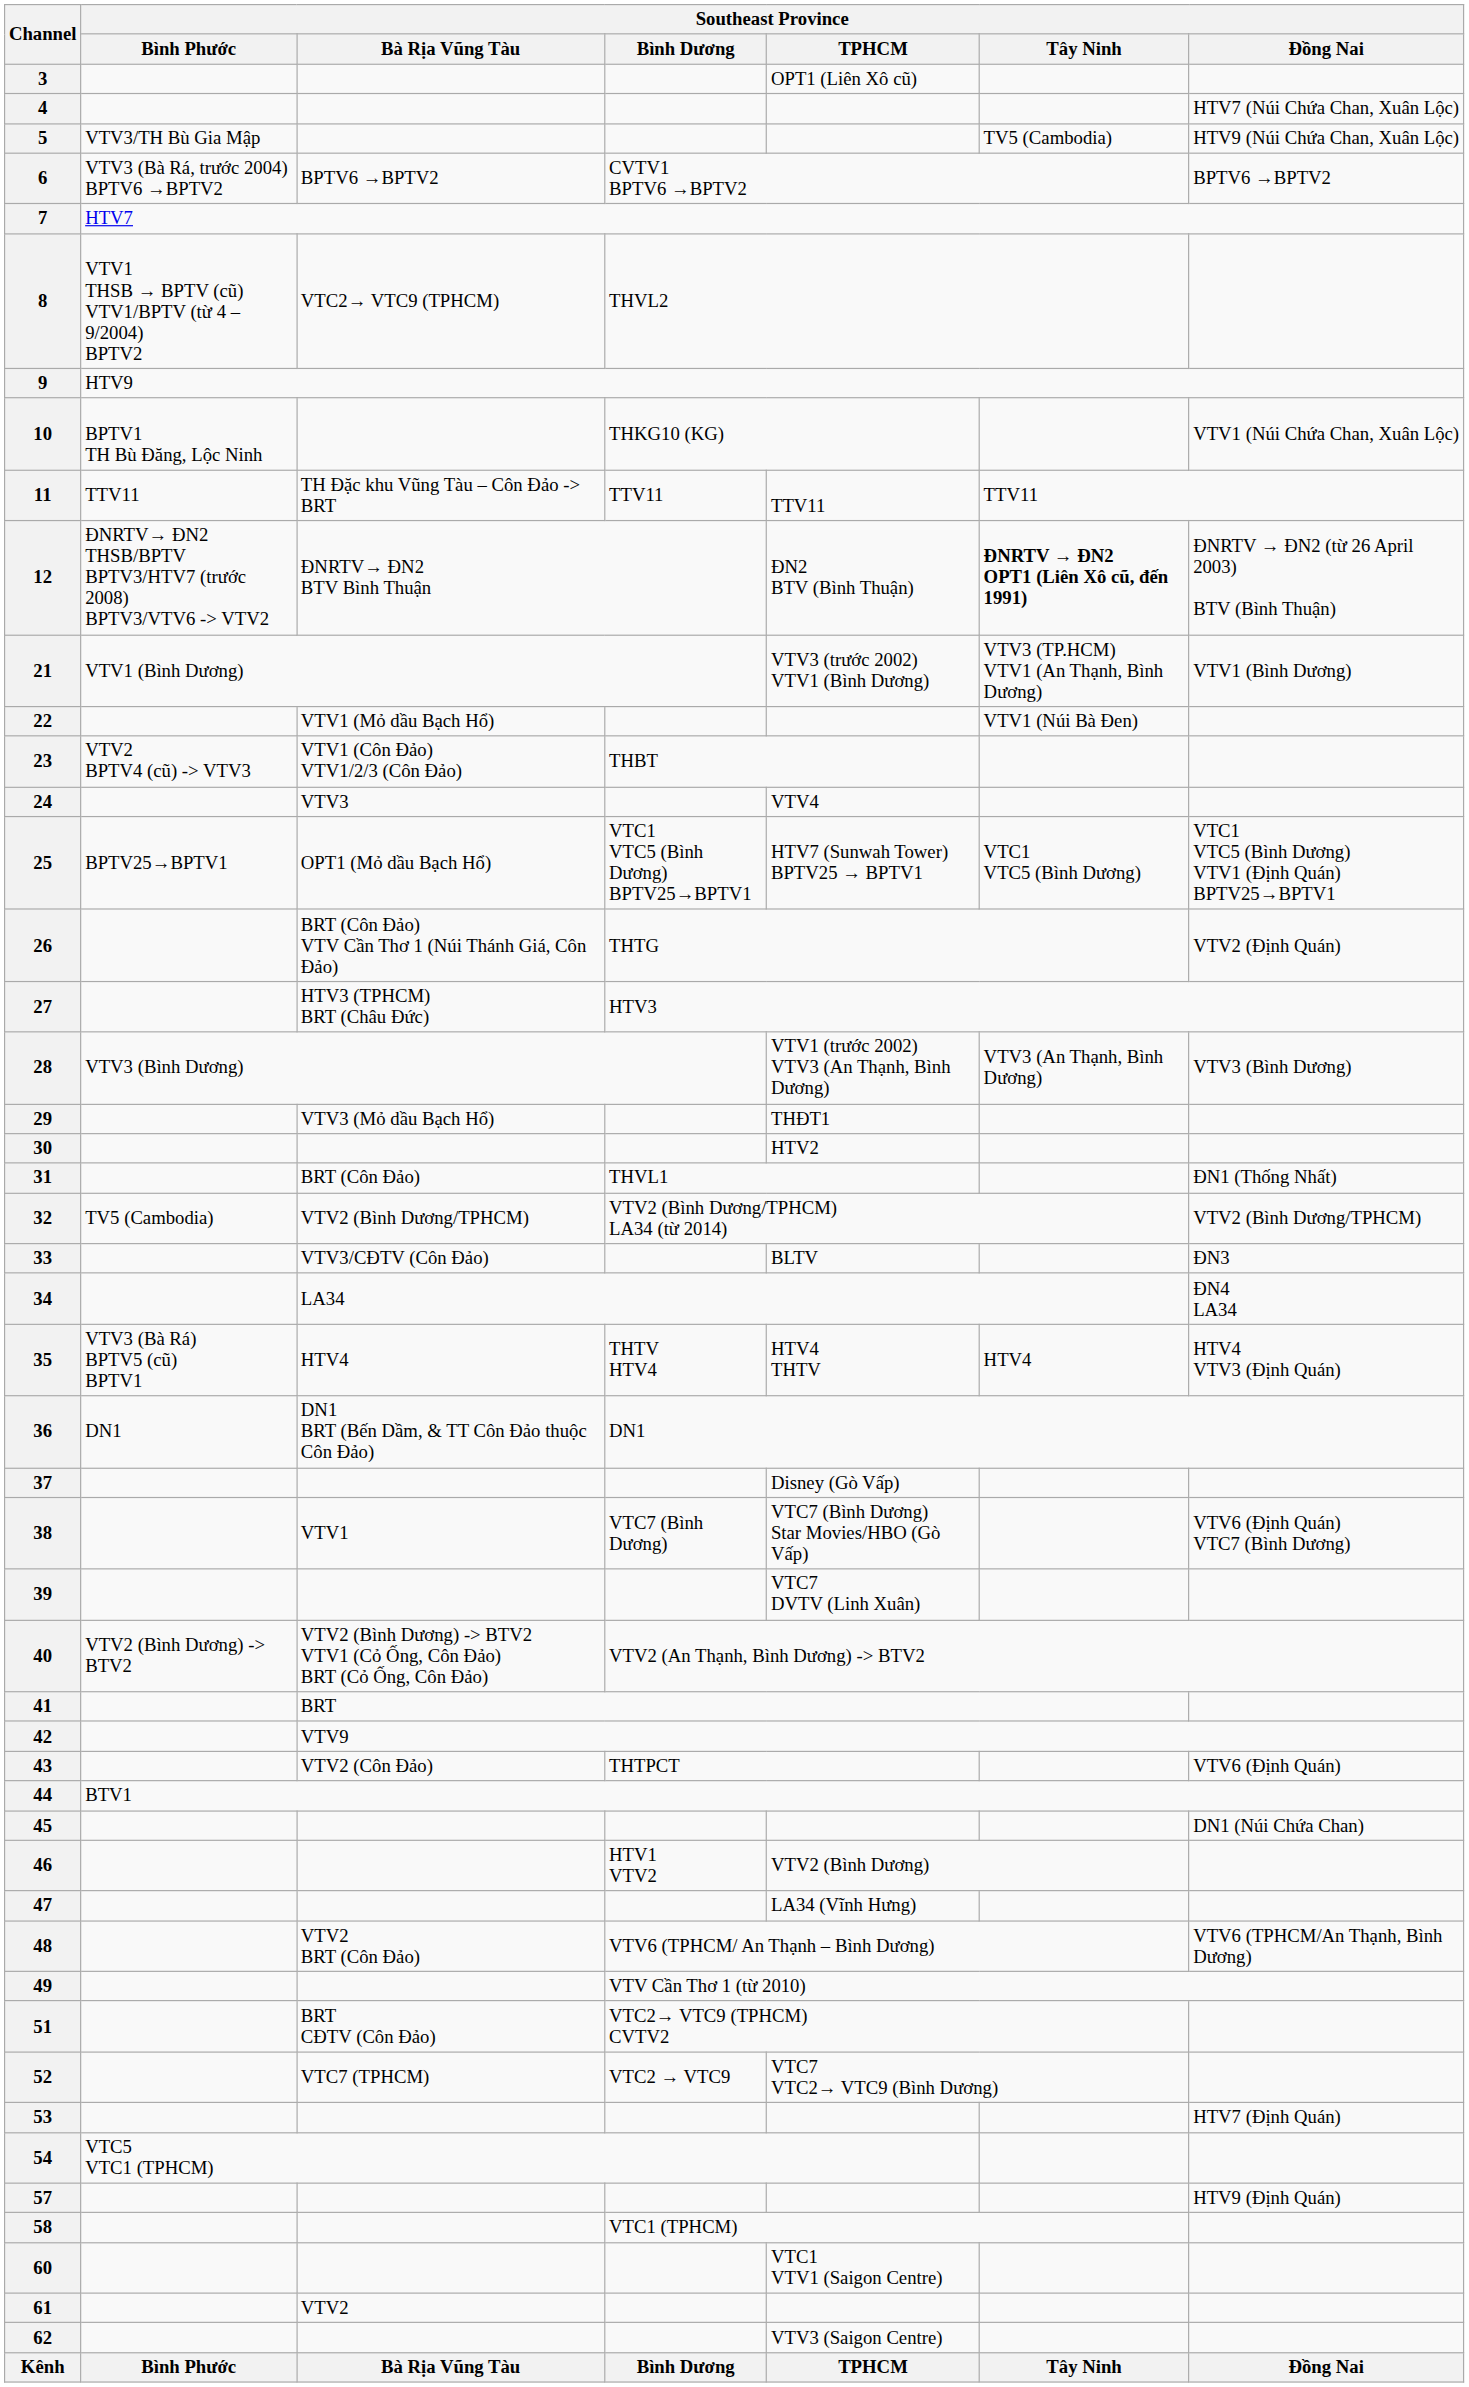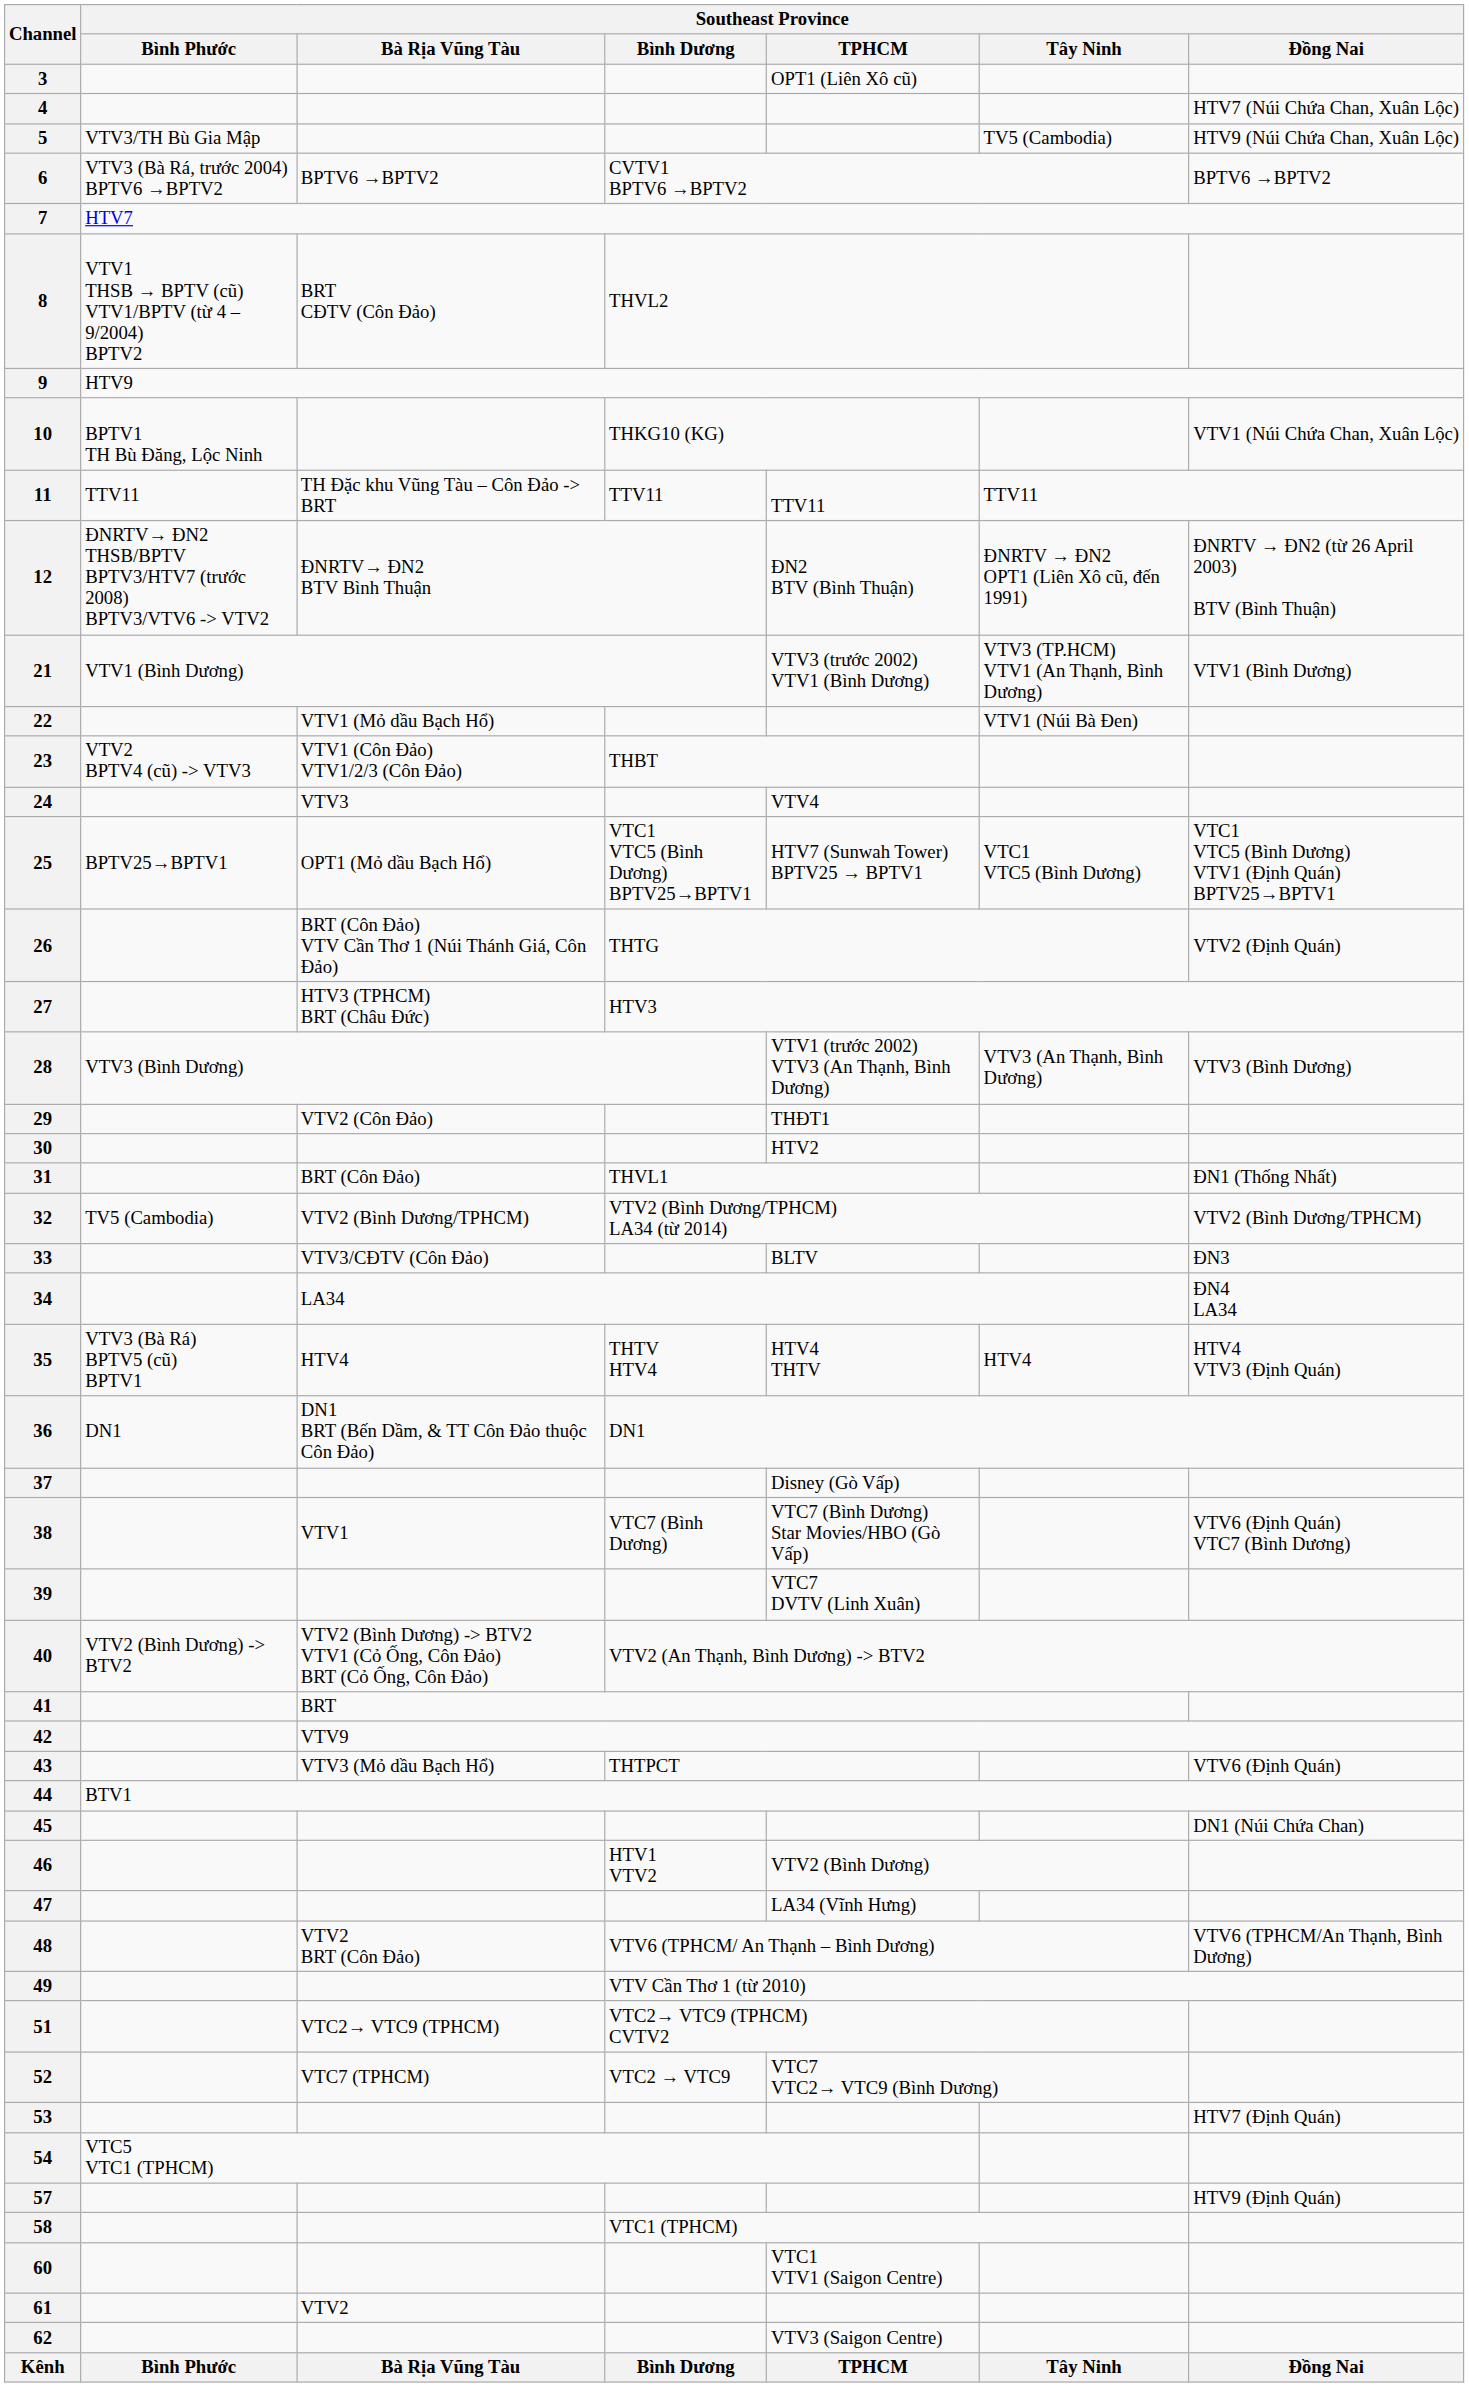 <table class="wikitable mw-collapsible mw-collapsed">
 <tr>
 <th rowspan="2"><strong>Channel</strong></th>
 <th colspan="6">Southeast Province</th>
 </tr>
 <tr>
 <th>Bình Phước</th>
 <th>Bà Rịa Vũng Tàu</th>
 <th>Bình Dương</th>
 <th>TPHCM</th>
 <th>Tây Ninh</th>
 <th>Đồng Nai</th>
 </tr>
 <tr>
 <th>3</th>
 <td></td>
 <td></td>
 <td></td>
 <td>OPT1 (Liên Xô cũ)</td>
 <td></td>
 <td></td>
 </tr>
 <tr>
 <th>4</th>
 <td></td>
 <td></td>
 <td></td>
 <td></td>
 <td></td>
 <td>HTV7 (Núi Chứa Chan, Xuân Lộc)</td>
 </tr>
 <tr>
 <th>5</th>
 <td>VTV3/TH Bù Gia Mập</td>
 <td></td>
 <td></td>
 <td></td>
 <td>TV5 (Cambodia)</td>
 <td>HTV9 (Núi Chứa Chan, Xuân Lộc)</td>
 </tr>
 <tr>
 <th>6</th>
 <td>VTV3 (Bà Rá, trước 2004) <br>BPTV6 →BPTV2</td>
 <td>BPTV6 →BPTV2</td>
 <td colspan="3">CVTV1 <br>BPTV6 →BPTV2</td>
 <td>BPTV6 →BPTV2</td>
 </tr>
 <tr>
 <th>7</th>
 <td colspan="6"><a href='#'>HTV7</a></td>
 </tr>
 <tr>
 <th>8</th>
 <td><br>VTV1<br>THSB → BPTV (cũ)<br>VTV1/BPTV (từ 4 – 9/2004)<br> BPTV2</td>
-<td>VTC2→ VTC9 (TPHCM)</td>
+<td>BRT <br>CĐTV (Côn Đảo)</td>
 <td colspan="3'">THVL2</td>
 <td></td>
 </tr>
 <tr>
 <th>9</th>
 <td colspan="6">HTV9</td>
 </tr>
 <tr>
 <th>10</th>
 <td><br>BPTV1<br>TH Bù Đăng, Lộc Ninh</td>
 <td></td>
 <td colspan="2">THKG10 (KG)</td>
 <td></td>
 <td>VTV1 (Núi Chứa Chan, Xuân Lộc)</td>
 </tr>
 <tr>
 <th>11</th>
 <td>TTV11</td>
 <td>TH Đặc khu Vũng Tàu – Côn Đảo -> BRT</td>
 <td>TTV11</td>
 <td><br> TTV11</td>
 <td colspan="2">TTV11</td>
 </tr>
 <tr>
 <th>12</th>
 <td>ĐNRTV→ ĐN2<br>THSB/BPTV <br> BPTV3/HTV7 (trước 2008) <br> BPTV3/VTV6  -> VTV2</td>
 <td colspan="2">ĐNRTV→ ĐN2 <br> BTV Bình Thuận</td>
 <td>ĐN2 <br> BTV (Bình Thuận)</td>
-<td><strong>ĐNRTV →  ĐN2 <br> OPT1 (Liên Xô cũ, đến 1991)</strong></td>
+<td>ĐNRTV →  ĐN2 <br> OPT1 (Liên Xô cũ, đến 1991)</td>
 <td>ĐNRTV  →  ĐN2 (từ 26 April 2003)<br><br> BTV (Bình Thuận)</td>
 </tr>
 <tr>
 <th>21</th>
 <td colspan="3">VTV1 (Bình Dương)</td>
 <td>VTV3 (trước 2002)<br>VTV1 (Bình Dương)</td>
 <td>VTV3 (TP.HCM)<br>VTV1 (An Thạnh, Bình Dương)</td>
 <td colspan="1">VTV1 (Bình Dương)</td>
 </tr>
 <tr>
 <th>22</th>
 <td></td>
 <td>VTV1 (Mỏ dầu Bạch Hổ)</td>
 <td></td>
 <td></td>
 <td>VTV1 (Núi Bà Đen)</td>
 <td></td>
 </tr>
 <tr>
 <th>23</th>
 <td>VTV2 <br> BPTV4 (cũ) -> VTV3</td>
 <td>VTV1 (Côn Đảo) <br> VTV1/2/3 (Côn Đảo)</td>
 <td colspan="2">THBT</td>
 <td></td>
 <td></td>
 </tr>
 <tr>
 <th>24</th>
 <td></td>
 <td>VTV3</td>
 <td></td>
 <td>VTV4</td>
 <td></td>
 <td></td>
 </tr>
 <tr>
 <th>25</th>
 <td>BPTV25→BPTV1</td>
 <td>OPT1 (Mỏ dầu Bạch Hổ)</td>
 <td>VTC1 <br> VTC5 (Bình Dương) <br>BPTV25→BPTV1</td>
 <td>HTV7 (Sunwah Tower) <br> BPTV25 → BPTV1</td>
 <td colspan="1">VTC1 <br> VTC5 (Bình Dương)</td>
 <td>VTC1 <br>VTC5 (Bình Dương)<br>VTV1 (Định Quán) <br>BPTV25→BPTV1</td>
 </tr>
 <tr>
 <th>26</th>
 <td></td>
 <td>BRT (Côn Đảo) <br> VTV Cần Thơ 1 (Núi Thánh Giá, Côn Đảo)</td>
 <td colspan="3">THTG</td>
 <td>VTV2 (Định Quán)</td>
 </tr>
 <tr>
 <th>27</th>
 <td></td>
 <td>HTV3 (TPHCM) <br> BRT (Châu Đức)</td>
 <td colspan="4">HTV3</td>
 </tr>
 <tr>
 <th>28</th>
 <td colspan="3">VTV3 (Bình Dương)</td>
 <td>VTV1 (trước 2002) <br> VTV3 (An Thạnh, Bình Dương)</td>
 <td colspan="1">VTV3 (An Thạnh, Bình Dương)</td>
 <td>VTV3 (Bình Dương)</td>
 </tr>
 <tr>
 <th>29</th>
 <td></td>
-<td>VTV3 (Mỏ dầu Bạch Hổ)</td>
+<td>VTV2 (Côn Đảo)</td>
 <td></td>
 <td>THĐT1</td>
 <td></td>
 <td></td>
 </tr>
 <tr>
 <th>30</th>
 <td></td>
 <td></td>
 <td></td>
 <td>HTV2</td>
 <td></td>
 <td></td>
 </tr>
 <tr>
 <th>31</th>
 <td></td>
 <td>BRT (Côn Đảo)</td>
 <td colspan="2">THVL1</td>
 <td></td>
 <td>ĐN1 (Thống Nhất)</td>
 </tr>
 <tr>
 <th>32</th>
 <td>TV5 (Cambodia)</td>
 <td colspan="1">VTV2 (Bình Dương/TPHCM)</td>
 <td colspan="3">VTV2 (Bình Dương/TPHCM) <br> LA34 (từ 2014)</td>
 <td>VTV2 (Bình Dương/TPHCM)</td>
 </tr>
 <tr>
 <th>33</th>
 <td></td>
 <td>VTV3/CĐTV (Côn Đảo)</td>
 <td></td>
 <td>BLTV</td>
 <td></td>
 <td>ĐN3</td>
 </tr>
 <tr>
 <th>34</th>
 <td></td>
 <td colspan="4">LA34</td>
 <td>ĐN4 <br> LA34</td>
 </tr>
 <tr>
 <th>35</th>
 <td>VTV3 (Bà Rá) <br> BPTV5 (cũ) <br> BPTV1</td>
 <td>HTV4</td>
 <td colspan="1">THTV <br> HTV4</td>
 <td>HTV4 <br> THTV</td>
 <td colspan="1">HTV4</td>
 <td>HTV4<br>VTV3 (Định Quán)</td>
 </tr>
 <tr>
 <th>36</th>
 <td>DN1</td>
 <td>DN1<br>BRT (Bến Dầm, & TT Côn Đảo thuộc Côn Đảo)</td>
 <td colspan="4">DN1</td>
 </tr>
 <tr>
 <th>37</th>
 <td></td>
 <td></td>
 <td></td>
 <td>Disney (Gò Vấp)</td>
 <td></td>
 <td></td>
 </tr>
 <tr>
 <th>38</th>
 <td></td>
 <td>VTV1</td>
 <td colspan="1">VTC7 (Bình Dương)</td>
 <td>VTC7 (Bình Dương) <br> Star Movies/HBO (Gò Vấp)</td>
 <td></td>
 <td>VTV6 (Định Quán) <br> VTC7 (Bình Dương)</td>
 </tr>
 <tr>
 <th>39</th>
 <td></td>
 <td></td>
 <td></td>
 <td>VTC7  <br> DVTV (Linh Xuân)</td>
 <td></td>
 <td></td>
 </tr>
 <tr>
 <th>40</th>
 <td>VTV2 (Bình Dương) -> BTV2</td>
 <td>VTV2 (Bình Dương) -> BTV2<br>VTV1 (Cỏ Ống, Côn Đảo) <br> BRT (Cỏ Ống, Côn Đảo)</td>
 <td colspan="4">VTV2 (An Thạnh, Bình Dương)  -> BTV2</td>
 </tr>
 <tr>
 <th>41</th>
 <td></td>
 <td colspan="4">BRT</td>
 <td></td>
 </tr>
 <tr>
 <th>42</th>
 <td></td>
 <td colspan="5">VTV9</td>
 </tr>
 <tr>
 <th>43</th>
 <td></td>
-<td>VTV2 (Côn Đảo)</td>
+<td>VTV3 (Mỏ dầu Bạch Hổ)</td>
 <td colspan="2">THTPCT</td>
 <td></td>
 <td>VTV6 (Định Quán)</td>
 </tr>
 <tr>
 <th>44</th>
 <td colspan="6">BTV1</td>
 </tr>
 <tr>
 <th>45</th>
 <td></td>
 <td></td>
 <td></td>
 <td></td>
 <td></td>
 <td>DN1 (Núi Chứa Chan)</td>
 </tr>
 <tr>
 <th>46</th>
 <td></td>
 <td></td>
 <td VTV2>HTV1 <br> VTV2</td>
 <td colspan="2">VTV2 (Bình Dương)</td>
 </tr>
 <tr>
 <th>47</th>
 <td></td>
 <td></td>
 <td></td>
 <td>LA34 (Vĩnh Hưng)</td>
 <td></td>
 <td></td>
 </tr>
 <tr>
 <th>48</th>
 <td></td>
 <td>VTV2 <br> BRT (Côn Đảo)</td>
 <td colspan="3">VTV6 (TPHCM/ An Thạnh – Bình Dương)</td>
 <td>VTV6 (TPHCM/An Thạnh, Bình Dương)</td>
 </tr>
 <tr>
 <th>49</th>
 <td></td>
 <td></td>
 <td colspan="4">VTV Cần Thơ 1 (từ 2010)</td>
 </tr>
 <tr>
 <th>51</th>
 <td></td>
-<td>BRT <br>CĐTV (Côn Đảo)</td>
+<td>VTC2→ VTC9 (TPHCM)</td>
 <td colspan="3">VTC2→ VTC9 (TPHCM)<br>CVTV2</td>
 <td></td>
 </tr>
 <tr>
 <th>52</th>
 <td></td>
 <td>VTC7 (TPHCM)</td>
 <td>VTC2 → VTC9</td>
 <td colspan="2">VTC7 <br> VTC2→ VTC9 (Bình Dương)</td>
 <td></td>
 </tr>
 <tr>
 <th>53</th>
 <td></td>
 <td></td>
 <td></td>
 <td></td>
 <td></td>
 <td>HTV7 (Định Quán)</td>
 </tr>
 <tr>
 <th>54</th>
 <td colspan="4">VTC5 <br>VTC1 (TPHCM)</td>
 <td></td>
 <td></td>
 </tr>
 <tr>
 <th>57</th>
 <td></td>
 <td></td>
 <td></td>
 <td></td>
 <td></td>
 <td>HTV9 (Định Quán)</td>
 </tr>
 <tr>
 <th>58</th>
 <td></td>
 <td></td>
 <td colspan="3">VTC1 (TPHCM)</td>
 <td></td>
 </tr>
 <tr>
 <th>60</th>
 <td></td>
 <td></td>
 <td></td>
 <td>VTC1 <br> VTV1 (Saigon Centre)</td>
 <td></td>
 <td></td>
 </tr>
 <tr>
 <th>61</th>
 <td></td>
 <td>VTV2</td>
 <td></td>
 <td></td>
 <td></td>
 <td></td>
 </tr>
 <tr>
 <th>62</th>
 <td></td>
 <td></td>
 <td></td>
 <td>VTV3 (Saigon Centre)</td>
 <td></td>
 <td></td>
 </tr>
 <tr>
 <th>Kênh</th>
 <th>Bình Phước</th>
 <th>Bà Rịa Vũng Tàu</th>
 <th>Bình Dương</th>
 <th>TPHCM</th>
 <th>Tây Ninh</th>
 <th>Đồng Nai</th>
 </tr>
 </table>
